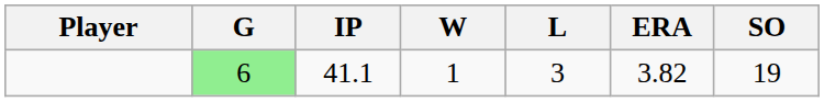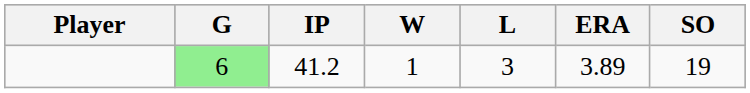 <table class="wikitable sortable">
 <tr>
 <th bgcolor="#DDDDFF" width="16%">Player</th>
 <th bgcolor="#DDDDFF" width="9%">G</th>
 <th bgcolor="#DDDDFF" width="9%">IP</th>
 <th bgcolor="#DDDDFF" width="9%">W</th>
 <th bgcolor="#DDDDFF" width="9%">L</th>
 <th bgcolor="#DDDDFF" width="9%">ERA</th>
 <th bgcolor="#DDDDFF" width="9%">SO</th>
 </tr>
 <tr align="center">
 <td></td>
 <td style="background: lightgreen;">6</td>
-<td>41.1</td>
+<td>41.2</td>
 <td>1</td>
 <td>3</td>
-<td>3.82</td>
+<td>3.89</td>
 <td>19</td>
 </tr>
 </table>
